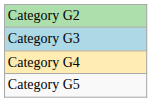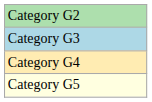 <table class="wikitable" style="font-size:85%" width=11%>
 <tr bgcolor="#ADDFAD">
 <td>Category G2</td>
 </tr>
 <tr bgcolor="lightblue">
 <td>Category G3</td>
 </tr>
 <tr bgcolor=#ffecb2>
 <td>Category G4</td>
 </tr>
 <tr>
-<td>Category G5</td>
+<td style="background: lightyellow;">Category G5</td>
 </tr>
 </table>
